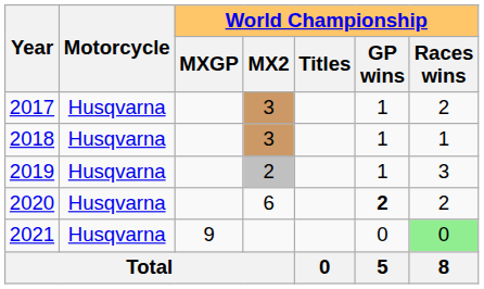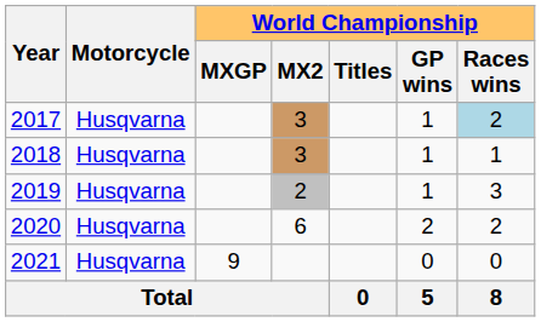 <table class="wikitable" width=40% style="font-size:100%; text-align:center;">
 <tr>
 <th rowspan=2>Year</th>
 <th rowspan=2>Motorcycle</th>
 <th style="background-color:#FFC569" colspan=5><a href='#'>World Championship</a></th>
 </tr>
 <tr>
 <th width=60>MXGP</th>
 <th width=60>MX2</th>
 <th width=60>Titles</th>
 <th width=60>GP wins</th>
 <th width=60>Races wins</th>
 </tr>
 <tr>
 <td><a href='#'>2017</a></td>
 <td><a href='#'>Husqvarna</a></td>
 <td></td>
 <td bgcolor=cc9966>3</td>
 <td></td>
 <td>1</td>
-<td>2</td>
+<td style="background: lightblue;">2</td>
 </tr>
 <tr>
 <td><a href='#'>2018</a></td>
 <td><a href='#'>Husqvarna</a></td>
 <td></td>
 <td bgcolor=cc9966>3</td>
 <td></td>
 <td>1</td>
 <td>1</td>
 </tr>
 <tr>
 <td><a href='#'>2019</a></td>
 <td><a href='#'>Husqvarna</a></td>
 <td></td>
 <td bgcolor=silver>2</td>
 <td></td>
 <td>1</td>
 <td>3</td>
 </tr>
 <tr>
 <td><a href='#'>2020</a></td>
 <td><a href='#'>Husqvarna</a></td>
 <td></td>
 <td>6</td>
 <td></td>
-<td><strong>2</strong></td>
+<td>2</td>
 <td>2</td>
 </tr>
 <tr>
 <td><a href='#'>2021</a></td>
 <td><a href='#'>Husqvarna</a></td>
 <td>9</td>
 <td></td>
 <td></td>
 <td>0</td>
-<td style="background: lightgreen;">0</td>
+<td>0</td>
 </tr>
 <tr>
 <th colspan=4>Total</th>
 <th>0</th>
 <th>5</th>
 <th>8</th>
 </tr>
 </table>
